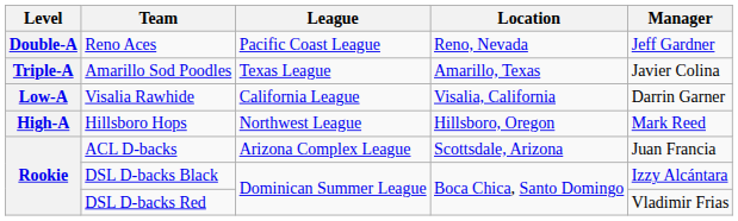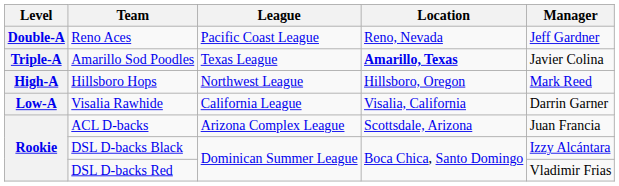 <table class="wikitable plainrowheaders">
 <tr>
 <th scope="col" style="text-align:center; ">Level</th>
 <th scope="col" style="text-align:center; ">Team</th>
 <th scope="col" style="text-align:center; ">League</th>
 <th scope="col" style="text-align:center; ">Location</th>
 <th scope="col" style="text-align:center; ">Manager</th>
 </tr>
 <tr>
 <th scope="row"><a href='#'>Double-A</a></th>
 <td><a href='#'>Reno Aces</a></td>
 <td><a href='#'>Pacific Coast League</a></td>
 <td><a href='#'>Reno, Nevada</a></td>
 <td><a href='#'>Jeff Gardner</a></td>
 </tr>
 <tr>
 <th scope="row"><a href='#'>Triple-A</a></th>
 <td><a href='#'>Amarillo Sod Poodles</a></td>
 <td><a href='#'>Texas League</a></td>
-<td><a href='#'>Amarillo, Texas</a></td>
+<td><strong><a href='#'>Amarillo, Texas</a></strong></td>
 <td>Javier Colina</td>
+</tr>
+<tr>
+<th scope="row"><a href='#'>High-A</a></th>
+<td><a href='#'>Hillsboro Hops</a></td>
+<td><a href='#'>Northwest League</a></td>
+<td><a href='#'>Hillsboro, Oregon</a></td>
+<td><a href='#'>Mark Reed</a></td>
 </tr>
 <tr>
 <th scope="row"><a href='#'>Low-A</a></th>
 <td><a href='#'>Visalia Rawhide</a></td>
 <td><a href='#'>California League</a></td>
 <td><a href='#'>Visalia, California</a></td>
 <td>Darrin Garner</td>
-</tr>
-<tr>
-<th scope="row"><a href='#'>High-A</a></th>
-<td><a href='#'>Hillsboro Hops</a></td>
-<td><a href='#'>Northwest League</a></td>
-<td><a href='#'>Hillsboro, Oregon</a></td>
-<td><a href='#'>Mark Reed</a></td>
 </tr>
 <tr>
 <th scope="row" rowspan=4><a href='#'>Rookie</a></th>
 <td><a href='#'>ACL D-backs</a></td>
 <td><a href='#'>Arizona Complex League</a></td>
 <td><a href='#'>Scottsdale, Arizona</a></td>
 <td>Juan Francia</td>
 </tr>
 <tr>
 <td><a href='#'>DSL D-backs Black</a></td>
 <td rowspan=2><a href='#'>Dominican Summer League</a></td>
 <td rowspan=2><a href='#'>Boca Chica</a>, <a href='#'>Santo Domingo</a></td>
 <td><a href='#'>Izzy Alcántara</a></td>
 </tr>
 <tr>
 <td><a href='#'>DSL D-backs Red</a></td>
 <td>Vladimir Frias</td>
 </tr>
 </table>
